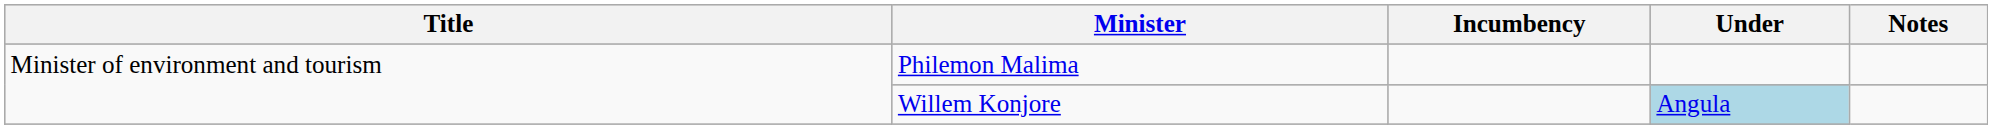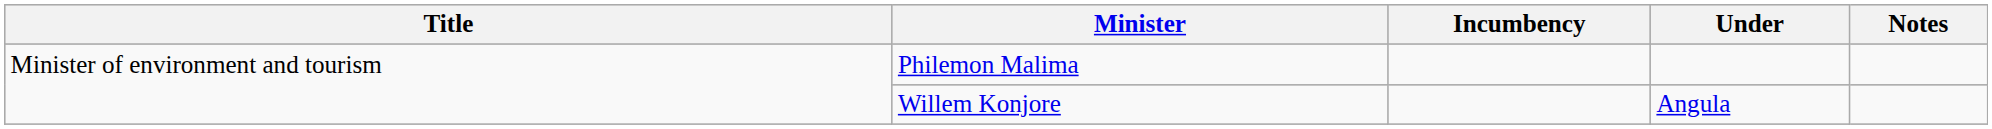 <table class="wikitable" style="width:100%;">
 <tr>
 <th>Title</th>
 <th style="width:25%;"><a href='#'>Minister</a></th>
 <th style="width:160px;">Incumbency</th>
 <th style="width:10%;">Under</th>
 <th style="width:7%;">Notes</th>
 </tr>
 <tr>
 <td rowspan="2" style="vertical-align:top;">Minister of environment and tourism</td>
 <td><a href='#'>Philemon Malima</a></td>
 <td></td>
 <td></td>
 <td></td>
 </tr>
 <tr>
 <td><a href='#'>Willem Konjore</a></td>
 <td></td>
-<td style="background: lightblue;"><a href='#'>Angula</a></td>
+<td><a href='#'>Angula</a></td>
 <td></td>
 </tr>
 </table>
